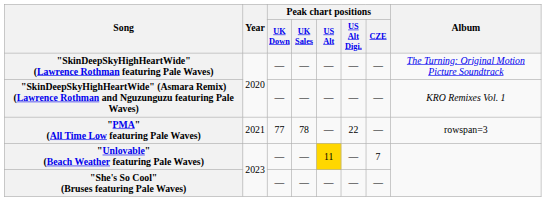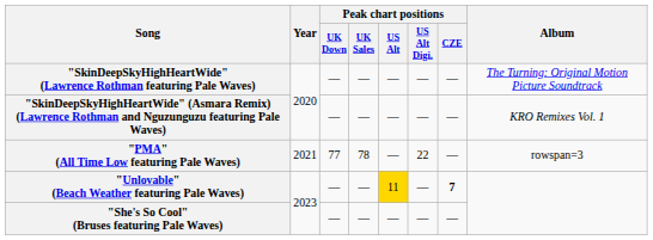 <table class="wikitable plainrowheaders" style="text-align:center;">
 <tr>
 <th scope="col" rowspan="2" style="width:24em;">Song</th>
 <th scope="col" rowspan="2">Year</th>
 <th scope="col" colspan="5">Peak chart positions</th>
 <th scope="col" rowspan="2" style="width:15em;">Album</th>
 </tr>
 <tr>
 <th scope="col" style="width:2.5em;font-size:85%;"><a href='#'>UK<br>Down</a><br></th>
 <th scope="col" style="width:2.5em;font-size:85%;"><a href='#'>UK<br>Sales</a><br></th>
 <th scope="col" style="width:2.5em;font-size:85%;"><a href='#'>US<br>Alt</a><br></th>
 <th scope="col" style="width:2.5em;font-size:85%;"><a href='#'>US<br>Alt<br>Digi.</a><br></th>
 <th scope="col" style="width:2.5em;font-size:85%;"><a href='#'>CZE</a><br></th>
 </tr>
 <tr>
 <th scope="row">"SkinDeepSkyHighHeartWide"<br><span>(<a href='#'>Lawrence Rothman</a> featuring Pale Waves)</span></th>
 <td rowspan="2">2020</td>
 <td>—</td>
 <td>—</td>
 <td>—</td>
 <td>—</td>
 <td>—</td>
 <td><em><a href='#'>The Turning: Original Motion Picture Soundtrack</a></em></td>
 </tr>
 <tr>
 <th scope="row">"SkinDeepSkyHighHeartWide" (Asmara Remix)<br><span>(<a href='#'>Lawrence Rothman</a> and Nguzunguzu featuring Pale Waves)</span></th>
 <td>—</td>
 <td>—</td>
 <td>—</td>
 <td>—</td>
 <td>—</td>
 <td><em>KRO Remixes Vol. 1</em></td>
 </tr>
 <tr>
 <th scope="row">"<a href='#'>PMA</a>"<br><span>(<a href='#'>All Time Low</a> featuring Pale Waves)</span></th>
 <td rowspan="1">2021</td>
 <td>77</td>
 <td>78</td>
 <td>—</td>
 <td>22</td>
 <td>—</td>
 <td>rowspan=3 </td>
 </tr>
 <tr>
 <th scope="row">"<a href='#'>Unlovable</a>"<br><span>(<a href='#'>Beach Weather</a> featuring Pale Waves)</span></th>
 <td rowspan="2">2023</td>
 <td>—</td>
 <td>—</td>
 <td style="background: gold;">11</td>
 <td>—</td>
-<td>7</td>
+<td><strong>7</strong></td>
 </tr>
 <tr>
 <th scope="row">"She's So Cool"<br><span>(Bruses featuring Pale Waves)</span></th>
 <td>—</td>
 <td>—</td>
 <td>—</td>
 <td>—</td>
 <td>—</td>
 </tr>
 </table>
